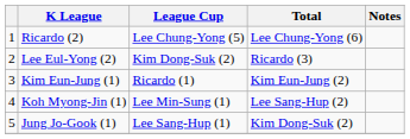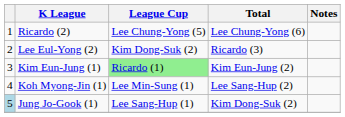 <table class="wikitable" style="text-align:center">
 <tr>
 <th></th>
 <th><a href='#'>K League</a></th>
 <th><a href='#'>League Cup</a></th>
 <th>Total</th>
 <th>Notes</th>
 </tr>
 <tr>
 <td>1</td>
 <td align=left> <a href='#'>Ricardo</a> (2)</td>
 <td align=left> <a href='#'>Lee Chung-Yong</a> (5)</td>
 <td align=left> <a href='#'>Lee Chung-Yong</a> (6)</td>
 <td></td>
 </tr>
 <tr>
 <td>2</td>
 <td align=left> <a href='#'>Lee Eul-Yong</a> (2)</td>
 <td align=left> <a href='#'>Kim Dong-Suk</a> (2)</td>
 <td align=left> <a href='#'>Ricardo</a> (3)</td>
 <td></td>
 </tr>
 <tr>
 <td>3</td>
 <td align=left> <a href='#'>Kim Eun-Jung</a> (1)</td>
-<td align=left> <a href='#'>Ricardo</a> (1)</td>
+<td align=left style="background: lightgreen;"> <a href='#'>Ricardo</a> (1)</td>
 <td align=left> <a href='#'>Kim Eun-Jung</a> (2)</td>
 <td></td>
 </tr>
 <tr>
 <td>4</td>
 <td align=left> <a href='#'>Koh Myong-Jin</a> (1)</td>
 <td align=left> <a href='#'>Lee Min-Sung</a> (1)</td>
 <td align=left> <a href='#'>Lee Sang-Hup</a> (2)</td>
 <td></td>
 </tr>
 <tr>
-<td>5</td>
+<td style="background: lightblue;">5</td>
 <td align=left> <a href='#'>Jung Jo-Gook</a> (1)</td>
 <td align=left> <a href='#'>Lee Sang-Hup</a> (1)</td>
 <td align=left> <a href='#'>Kim Dong-Suk</a> (2)</td>
 <td></td>
 </tr>
 <tr>
 </tr>
 </table>
